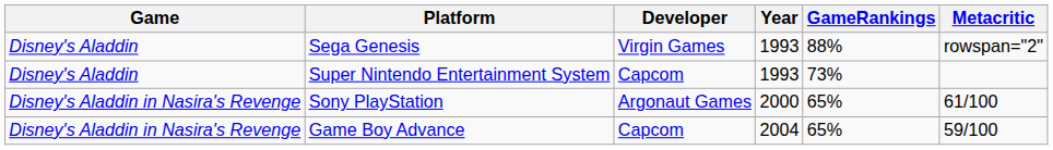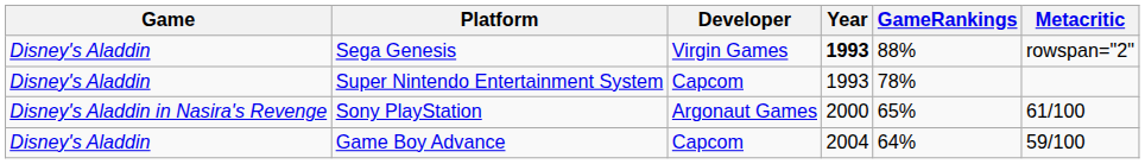 <table class="wikitable sortable">
 <tr style="text-align:center;">
 <th>Game</th>
 <th>Platform</th>
 <th>Developer</th>
 <th>Year</th>
 <th><a href='#'>GameRankings</a></th>
 <th><a href='#'>Metacritic</a></th>
 </tr>
 <tr>
 <td><em><a href='#'>Disney's Aladdin</a></em></td>
 <td><a href='#'>Sega Genesis</a></td>
 <td><a href='#'>Virgin Games</a></td>
-<td>1993</td>
+<td><strong>1993</strong></td>
 <td>88%</td>
 <td>rowspan="2" </td>
 </tr>
 <tr>
 <td><em><a href='#'>Disney's Aladdin</a></em></td>
 <td><a href='#'>Super Nintendo Entertainment System</a></td>
 <td><a href='#'>Capcom</a></td>
 <td>1993</td>
-<td>73%</td>
+<td>78%</td>
 </tr>
 <tr>
 <td><em><a href='#'>Disney's Aladdin in Nasira's Revenge</a></em></td>
 <td><a href='#'>Sony PlayStation</a></td>
 <td><a href='#'>Argonaut Games</a></td>
 <td>2000</td>
 <td>65%</td>
 <td>61/100</td>
 </tr>
 <tr>
-<td><em><a href='#'>Disney's Aladdin in Nasira's Revenge</a></em></td>
+<td><em><a href='#'>Disney's Aladdin</a></em></td>
 <td><a href='#'>Game Boy Advance</a></td>
 <td><a href='#'>Capcom</a></td>
 <td>2004</td>
-<td>65%</td>
+<td>64%</td>
 <td>59/100</td>
 </tr>
 </table>
